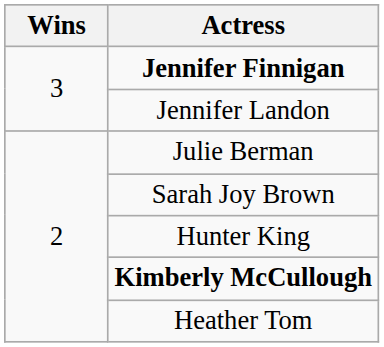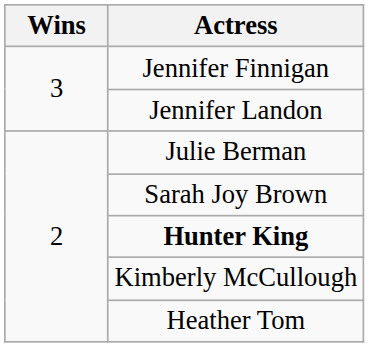 <table class="wikitable" style="text-align: center;">
 <tr>
 <th scope="col" width="55">Wins</th>
 <th scope="col" align="center">Actress</th>
 </tr>
 <tr>
 <td scope="row" rowspan="2" style="text-align:center">3</td>
-<td><strong>Jennifer Finnigan</strong></td>
+<td>Jennifer Finnigan</td>
 </tr>
 <tr>
 <td>Jennifer Landon</td>
 </tr>
 <tr>
 <td scope="row" rowspan="5" style="text-align:center">2</td>
 <td>Julie Berman</td>
 </tr>
 <tr>
 <td>Sarah Joy Brown</td>
 </tr>
 <tr>
-<td>Hunter King</td>
+<td><strong>Hunter King</strong></td>
 </tr>
 <tr>
-<td><strong>Kimberly McCullough</strong></td>
+<td>Kimberly McCullough</td>
 </tr>
 <tr>
 <td>Heather Tom</td>
 </tr>
 </table>
